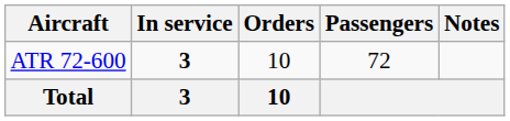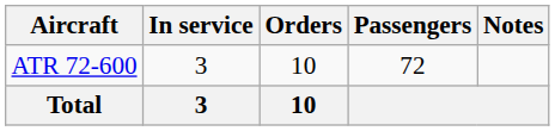 <table class="wikitable" style="text-align:center">
 <tr>
 <th>Aircraft</th>
 <th>In service</th>
 <th>Orders</th>
 <th>Passengers</th>
 <th>Notes</th>
 </tr>
 <tr>
 <td><a href='#'>ATR 72-600</a></td>
-<td><strong>3</strong></td>
+<td>3</td>
 <td>10</td>
 <td>72</td>
 <td></td>
 </tr>
 <tr>
 <th>Total</th>
 <th>3</th>
 <th>10</th>
 <th colspan="2"></th>
 </tr>
 </table>
